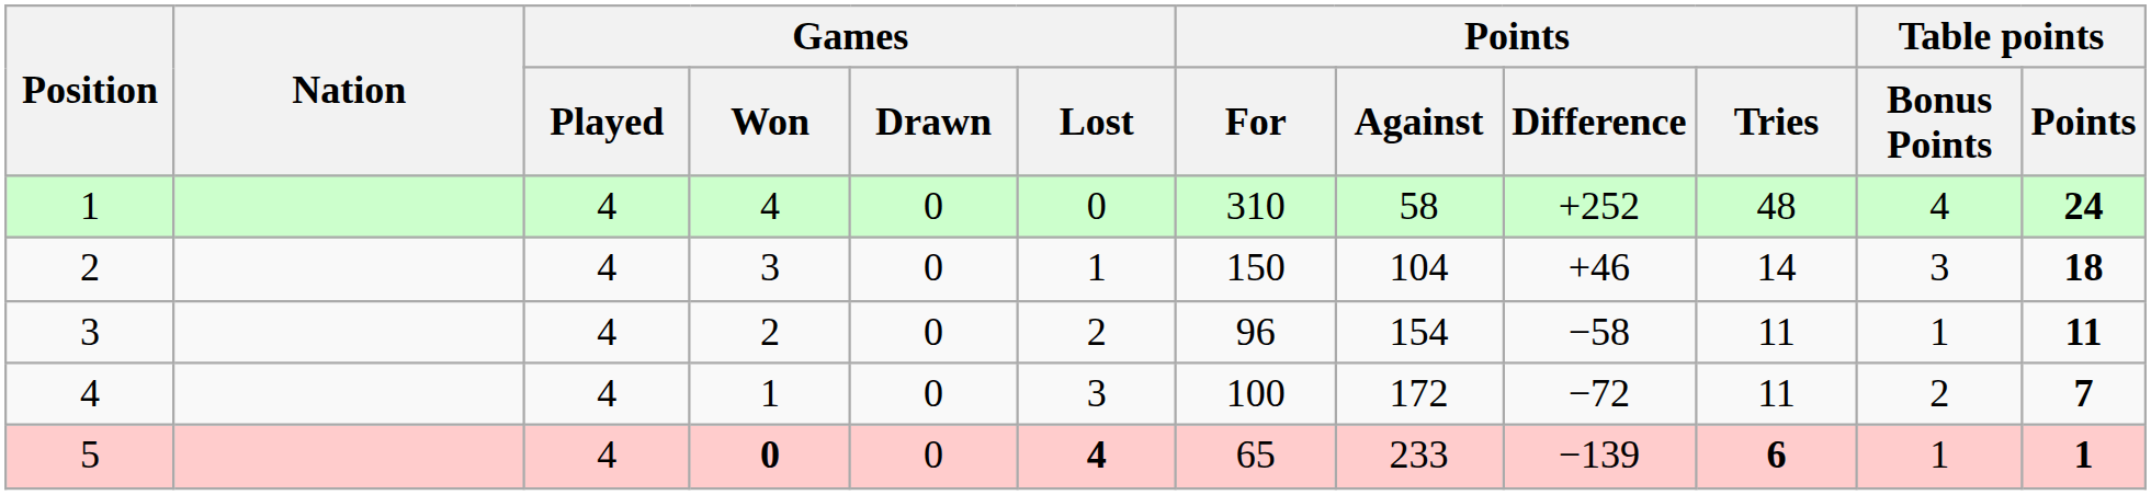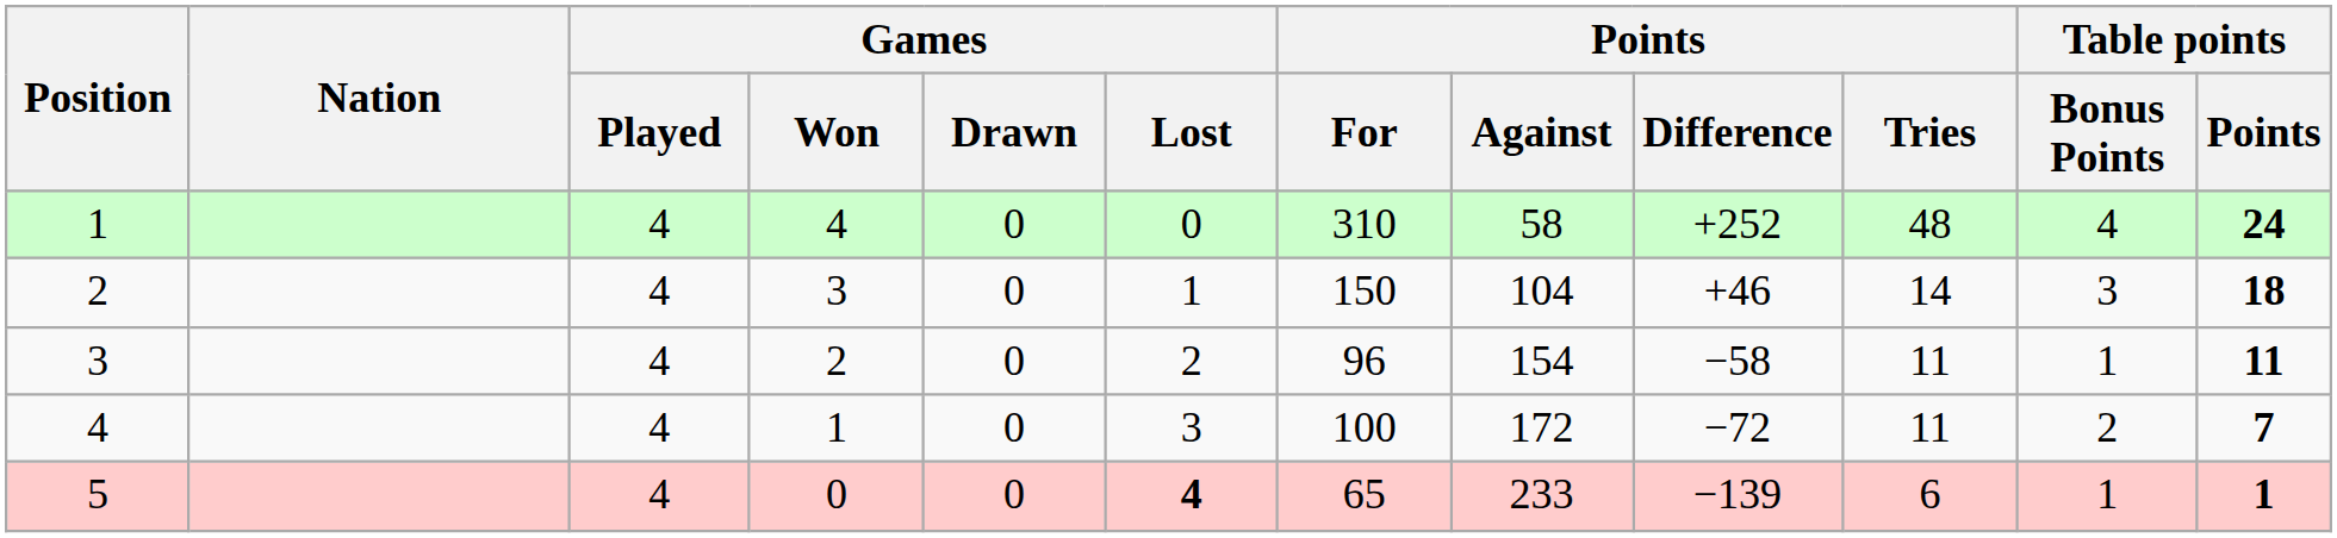 <table class="wikitable" style="text-align: center;">
 <tr>
 <th rowspan=2 width="8%">Position</th>
 <th rowspan=2 width="18%">Nation</th>
 <th colspan=4 width="32%">Games</th>
 <th colspan=4 width="32%">Points</th>
 <th colspan=2 width="16%">Table points</th>
 </tr>
 <tr>
 <th width="8%">Played</th>
 <th width="8%">Won</th>
 <th width="8%">Drawn</th>
 <th width="8%">Lost</th>
 <th width="8%">For</th>
 <th width="8%">Against</th>
 <th width="8%">Difference</th>
 <th width="8%">Tries</th>
 <th width="8%">Bonus Points</th>
 <th width="8%">Points</th>
 </tr>
 <tr bgcolor=#ccffcc>
 <td>1</td>
 <td align=left></td>
 <td>4</td>
 <td>4</td>
 <td>0</td>
 <td>0</td>
 <td>310</td>
 <td>58</td>
 <td>+252</td>
 <td>48</td>
 <td>4</td>
 <td><strong>24</strong></td>
 </tr>
 <tr>
 <td>2</td>
 <td align=left></td>
 <td>4</td>
 <td>3</td>
 <td>0</td>
 <td>1</td>
 <td>150</td>
 <td>104</td>
 <td>+46</td>
 <td>14</td>
 <td>3</td>
 <td><strong>18</strong></td>
 </tr>
 <tr>
 <td>3</td>
 <td align=left></td>
 <td>4</td>
 <td>2</td>
 <td>0</td>
 <td>2</td>
 <td>96</td>
 <td>154</td>
 <td>−58</td>
 <td>11</td>
 <td>1</td>
 <td><strong>11</strong></td>
 </tr>
 <tr>
 <td>4</td>
 <td align=left></td>
 <td>4</td>
 <td>1</td>
 <td>0</td>
 <td>3</td>
 <td>100</td>
 <td>172</td>
 <td>−72</td>
 <td>11</td>
 <td>2</td>
 <td><strong>7</strong></td>
 </tr>
 <tr bgcolor=#ffcccc>
 <td>5</td>
 <td align=left></td>
 <td>4</td>
-<td><strong>0</strong></td>
+<td>0</td>
 <td>0</td>
 <td><strong>4</strong></td>
 <td>65</td>
 <td>233</td>
 <td>−139</td>
-<td><strong>6</strong></td>
+<td>6</td>
 <td>1</td>
 <td><strong>1</strong></td>
 </tr>
 </table>
